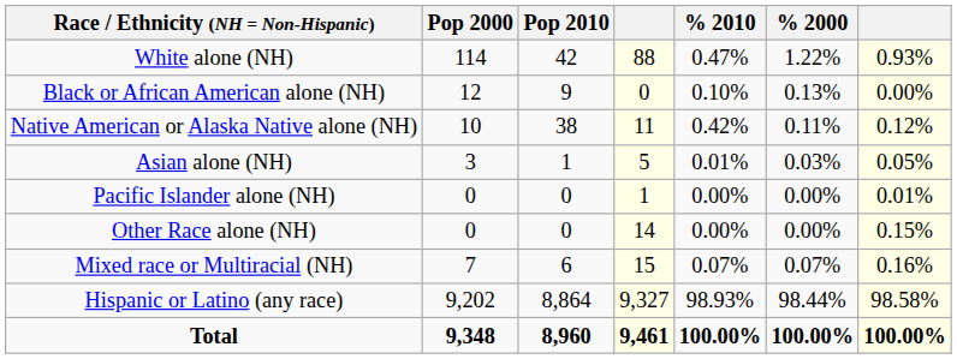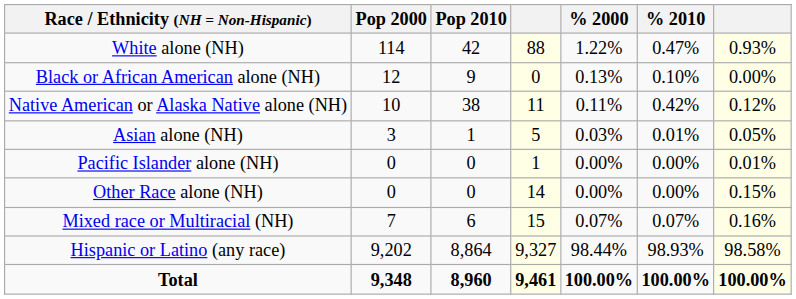 <table class="wikitable" style="text-align:center;">
 <tr>
 <th>Race / Ethnicity <small>(<em>NH = Non-Hispanic</em>)</small></th>
 <th>Pop 2000</th>
 <th>Pop 2010</th>
 <th></th>
+<th>% 2000</th>
 <th>% 2010</th>
-<th>% 2000</th>
 <th></th>
 </tr>
 <tr>
 <td><a href='#'>White</a> alone (NH)</td>
 <td>114</td>
 <td>42</td>
 <td style='background: #ffffe6;'>88</td>
+<td>1.22%</td>
 <td>0.47%</td>
-<td>1.22%</td>
 <td style='background: #ffffe6;'>0.93%</td>
 </tr>
 <tr>
 <td><a href='#'>Black or African American</a> alone (NH)</td>
 <td>12</td>
 <td>9</td>
 <td style='background: #ffffe6;'>0</td>
+<td>0.13%</td>
 <td>0.10%</td>
-<td>0.13%</td>
 <td style='background: #ffffe6;'>0.00%</td>
 </tr>
 <tr>
 <td><a href='#'>Native American</a> or <a href='#'>Alaska Native</a> alone (NH)</td>
 <td>10</td>
 <td>38</td>
 <td style='background: #ffffe6;'>11</td>
+<td>0.11%</td>
 <td>0.42%</td>
-<td>0.11%</td>
 <td style='background: #ffffe6;'>0.12%</td>
 </tr>
 <tr>
 <td><a href='#'>Asian</a> alone (NH)</td>
 <td>3</td>
 <td>1</td>
 <td style='background: #ffffe6;'>5</td>
+<td>0.03%</td>
 <td>0.01%</td>
-<td>0.03%</td>
 <td style='background: #ffffe6;'>0.05%</td>
 </tr>
 <tr>
 <td><a href='#'>Pacific Islander</a> alone (NH)</td>
 <td>0</td>
 <td>0</td>
 <td style='background: #ffffe6;'>1</td>
 <td>0.00%</td>
 <td>0.00%</td>
 <td style='background: #ffffe6;'>0.01%</td>
 </tr>
 <tr>
 <td><a href='#'>Other Race</a> alone (NH)</td>
 <td>0</td>
 <td>0</td>
 <td style='background: #ffffe6;'>14</td>
 <td>0.00%</td>
 <td>0.00%</td>
 <td style='background: #ffffe6;'>0.15%</td>
 </tr>
 <tr>
 <td><a href='#'>Mixed race or Multiracial</a> (NH)</td>
 <td>7</td>
 <td>6</td>
 <td style='background: #ffffe6;'>15</td>
 <td>0.07%</td>
 <td>0.07%</td>
 <td style='background: #ffffe6;'>0.16%</td>
 </tr>
 <tr>
 <td><a href='#'>Hispanic or Latino</a> (any race)</td>
 <td>9,202</td>
 <td>8,864</td>
 <td style='background: #ffffe6;'>9,327</td>
+<td>98.44%</td>
 <td>98.93%</td>
-<td>98.44%</td>
 <td style='background: #ffffe6;'>98.58%</td>
 </tr>
 <tr>
 <td><strong>Total</strong></td>
 <td><strong>9,348</strong></td>
 <td><strong>8,960</strong></td>
 <td style='background: #ffffe6;'><strong>9,461</strong></td>
 <td><strong>100.00%</strong></td>
 <td><strong>100.00%</strong></td>
 <td style='background: #ffffe6;'><strong>100.00%</strong></td>
 </tr>
 </table>
